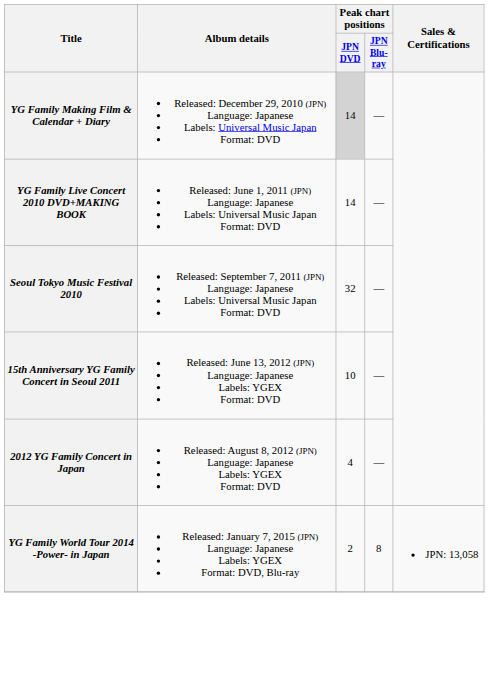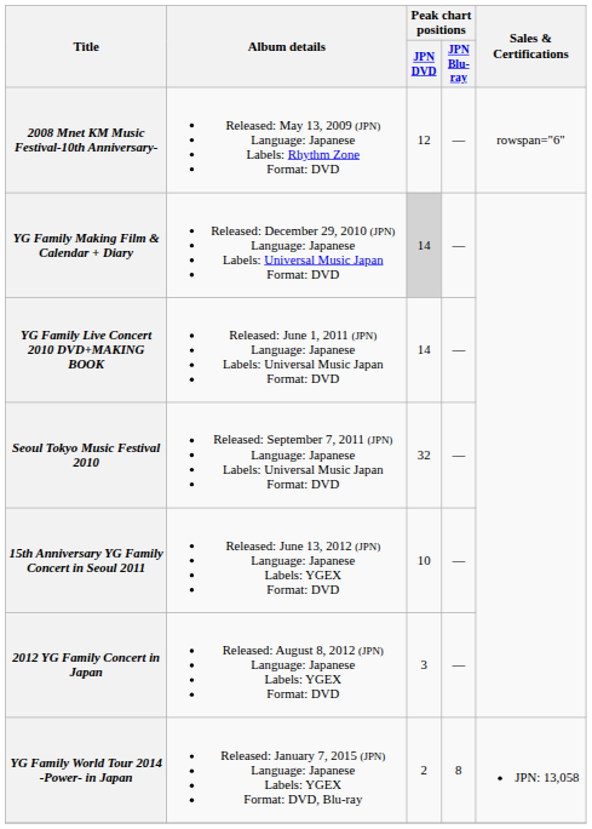 <table class="wikitable plainrowheaders" style="text-align:center;">
 <tr>
 <th scope="col" rowspan="2" style="width:12em;">Title</th>
 <th scope="col" rowspan="2" style="width:18em;">Album details</th>
 <th scope="col" colspan="2">Peak chart positions</th>
 <th scope="col" rowspan="2" style="width:8em;">Sales & Certifications</th>
 </tr>
 <tr>
 <th scope="col" style="width:2.5em;font-size:90%;"><a href='#'>JPN<br>DVD</a><br></th>
 <th scope="col" style="width:2.5em;font-size:90%;"><a href='#'>JPN<br>Blu-ray</a><br></th>
+</tr>
+<tr>
+<th scope="row"><em>2008 Mnet KM Music Festival-10th Anniversary-</em></th>
+<td><br><ul><li>Released: May 13, 2009 <small>(JPN)</small></li><li>Language: Japanese</li><li>Labels: <a href='#'>Rhythm Zone</a></li><li>Format: DVD</li></ul></td>
+<td>12</td>
+<td>—</td>
+<td>rowspan="6" </td>
 </tr>
 <tr>
 <th scope="row"><em>YG Family Making Film & Calendar + Diary</em></th>
 <td><br><ul><li>Released: December 29, 2010 <small>(JPN)</small></li><li>Language: Japanese</li><li>Labels: <a href='#'>Universal Music Japan</a></li><li>Format: DVD</li></ul></td>
 <td style="background: lightgrey;">14</td>
 <td>—</td>
 </tr>
 <tr>
 <th scope="row"><em>YG Family Live Concert 2010 DVD+MAKING BOOK</em></th>
 <td><br><ul><li>Released: June 1, 2011 <small>(JPN)</small></li><li>Language: Japanese</li><li>Labels: Universal Music Japan</li><li>Format: DVD</li></ul></td>
 <td>14</td>
 <td>—</td>
 </tr>
 <tr>
 <th scope="row"><em>Seoul Tokyo Music Festival 2010</em></th>
 <td><br><ul><li>Released: September 7, 2011 <small>(JPN)</small></li><li>Language: Japanese</li><li>Labels: Universal Music Japan</li><li>Format: DVD</li></ul></td>
 <td>32</td>
 <td>—</td>
 </tr>
 <tr>
 <th scope="row"><em>15th Anniversary YG Family Concert in Seoul 2011</em></th>
 <td><br><ul><li>Released: June 13, 2012 <small>(JPN)</small></li><li>Language: Japanese</li><li>Labels: YGEX</li><li>Format: DVD</li></ul></td>
 <td>10</td>
 <td>—</td>
 </tr>
 <tr>
 <th scope="row"><em>2012 YG Family Concert in Japan</em></th>
 <td><br><ul><li>Released: August 8, 2012 <small>(JPN)</small></li><li>Language: Japanese</li><li>Labels: YGEX</li><li>Format: DVD</li></ul></td>
-<td>4</td>
+<td>3</td>
 <td>—</td>
 </tr>
 <tr>
 <th scope="row"><em>YG Family World Tour 2014 -Power- in Japan</em></th>
 <td><br><ul><li>Released: January 7, 2015 <small>(JPN)</small></li><li>Language: Japanese</li><li>Labels: YGEX</li><li>Format: DVD, Blu-ray</li></ul></td>
 <td>2</td>
 <td>8</td>
 <td><br><ul><li>JPN: 13,058</li></ul></td>
 </tr>
 <tr>
 </tr>
 </table>
